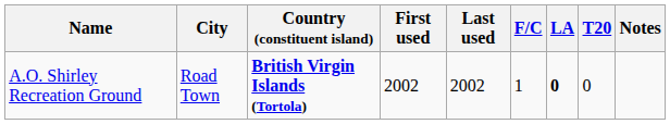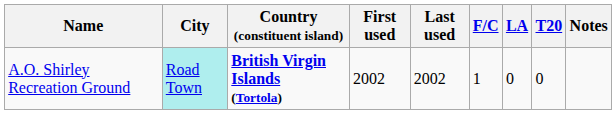 <table class ="wikitable sortable">
 <tr>
 <th>Name</th>
 <th>City</th>
 <th>Country<br><small>(constituent island)</small></th>
 <th>First used</th>
 <th>Last used</th>
 <th><a href='#'>F/C</a></th>
 <th><a href='#'>LA</a></th>
 <th><a href='#'>T20</a></th>
 <th>Notes</th>
 </tr>
 <tr>
 <td><a href='#'>A.O. Shirley Recreation Ground</a></td>
-<td><a href='#'>Road Town</a></td>
+<td style="background: paleturquoise;"><a href='#'>Road Town</a></td>
 <td><strong><a href='#'>British Virgin Islands</a><br><small>(<a href='#'>Tortola</a>)</small></strong></td>
 <td>2002</td>
 <td>2002</td>
 <td>1</td>
-<td><strong>0</strong></td>
+<td>0</td>
 <td>0</td>
 <td></td>
 </tr>
 <tr>
 </tr>
 </table>
